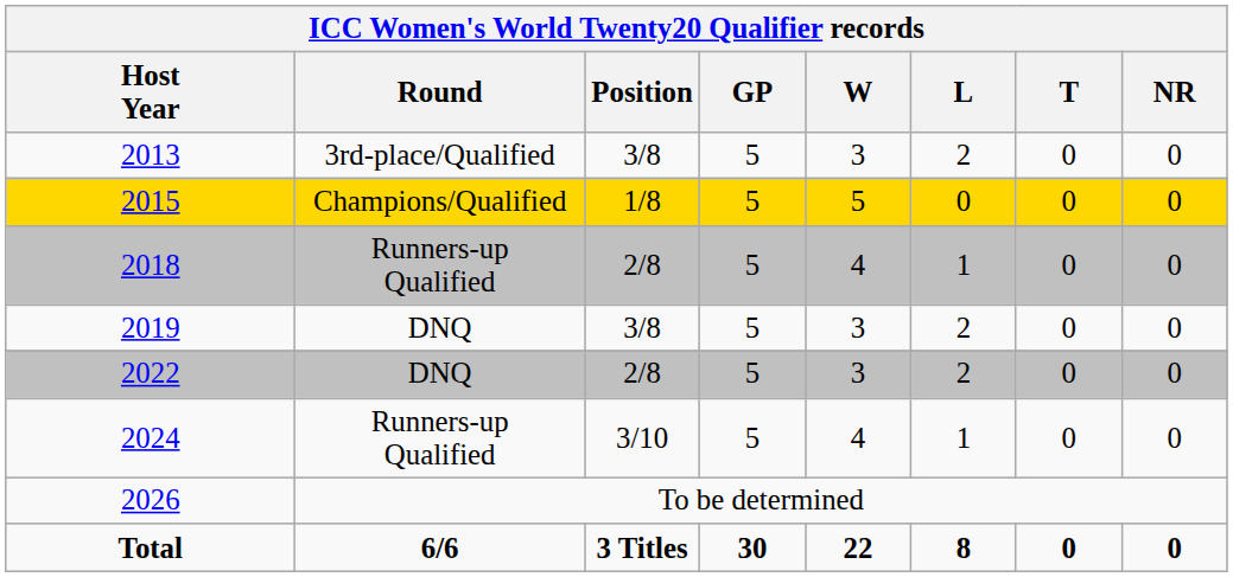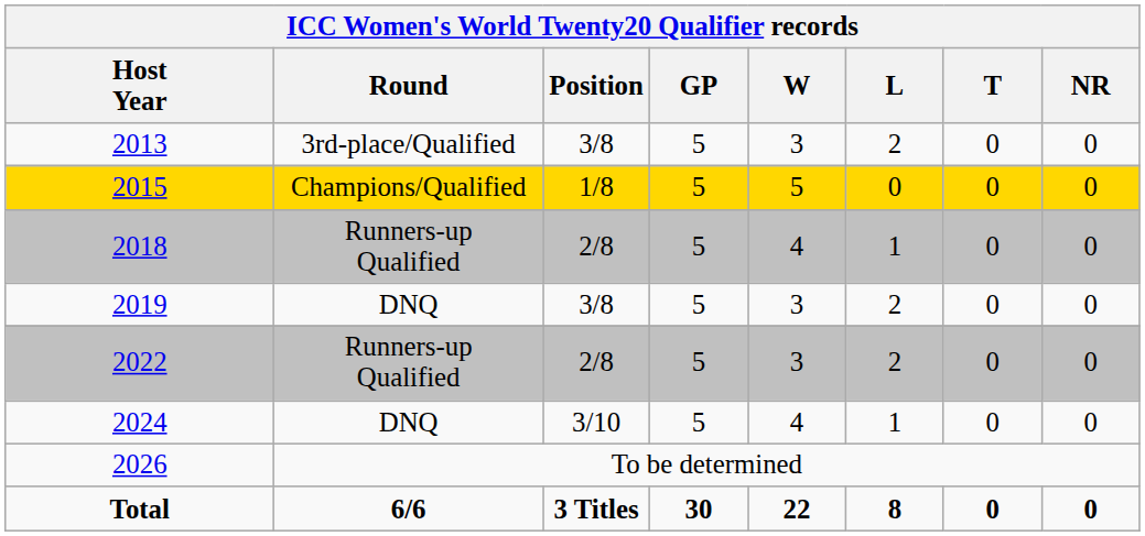 <table class="wikitable" style="text-align: center; width=900px;">
 <tr>
 <th colspan=9><a href='#'>ICC Women's World Twenty20 Qualifier</a> records</th>
 </tr>
 <tr>
 <th width=150>Host<br>Year</th>
 <th width=150>Round</th>
 <th width=50>Position</th>
 <th width=50>GP</th>
 <th width=50>W</th>
 <th width=50>L</th>
 <th width=50>T</th>
 <th width=50>NR</th>
 </tr>
 <tr>
 <td> <a href='#'>2013</a></td>
 <td>3rd-place/Qualified</td>
 <td>3/8</td>
 <td>5</td>
 <td>3</td>
 <td>2</td>
 <td>0</td>
 <td>0</td>
 </tr>
 <tr>
 </tr>
 <tr bgcolor=gold>
 <td> <a href='#'>2015</a></td>
 <td>Champions/Qualified</td>
 <td>1/8</td>
 <td>5</td>
 <td>5</td>
 <td>0</td>
 <td>0</td>
 <td>0</td>
 </tr>
 <tr bgcolor=silver>
 <td> <a href='#'>2018</a></td>
 <td>Runners-up</br>Qualified</td>
 <td>2/8</td>
 <td>5</td>
 <td>4</td>
 <td>1</td>
 <td>0</td>
 <td>0</td>
 </tr>
 <tr>
 <td> <a href='#'>2019</a></td>
 <td>DNQ</td>
 <td>3/8</td>
 <td>5</td>
 <td>3</td>
 <td>2</td>
 <td>0</td>
 <td>0</td>
 </tr>
 <tr>
 </tr>
 <tr bgcolor=silver>
 <td> <a href='#'>2022</a></td>
-<td>DNQ</td>
+<td>Runners-up</br>Qualified</td>
 <td>2/8</td>
 <td>5</td>
 <td>3</td>
 <td>2</td>
 <td>0</td>
 <td>0</td>
 </tr>
 <tr>
 <td> <a href='#'>2024</a></td>
-<td>Runners-up</br>Qualified</td>
+<td>DNQ</td>
 <td>3/10</td>
 <td>5</td>
 <td>4</td>
 <td>1</td>
 <td>0</td>
 <td>0</td>
 </tr>
 <tr>
 <td> <a href='#'>2026</a></td>
 <td colspan=8>To be determined</td>
 </tr>
 <tr>
 <td><strong>Total</strong></td>
 <td><strong>6/6</strong></td>
 <td><strong>3 Titles</strong></td>
 <td><strong>30</strong></td>
 <td><strong>22</strong></td>
 <td><strong>8</strong></td>
 <td><strong>0</strong></td>
 <td><strong>0</strong></td>
 </tr>
 </table>
